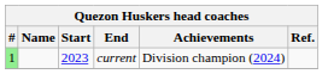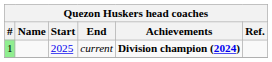 <table class="wikitable sortable">
 <tr>
 <th colspan="6">Quezon Huskers head coaches</th>
 </tr>
 <tr>
 <th>#</th>
 <th>Name</th>
 <th>Start</th>
 <th>End</th>
 <th>Achievements</th>
 <th>Ref.</th>
 </tr>
 <tr>
 <td align=center style="background: lightgreen;">1</td>
 <td></td>
-<td><a href='#'>2023</a></td>
+<td><a href='#'>2025</a></td>
 <td><em>current</em></td>
-<td align=center>Division champion (<a href='#'>2024</a>)</td>
+<td align=center><strong>Division champion (<a href='#'>2024</a>)</strong></td>
 <td></td>
 </tr>
 <tr>
 </tr>
 </table>
